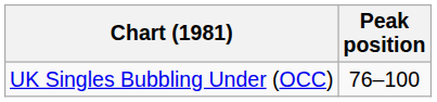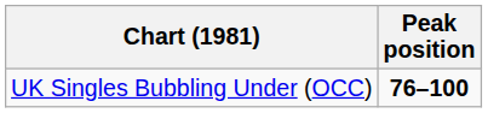 <table class="wikitable sortable" style=margin-right:1em;margin-bottom:0;>
 <tr>
 <th scope="col">Chart (1981)</th>
 <th scope="col">Peak<br>position</th>
 </tr>
 <tr>
 <td><a href='#'>UK Singles Bubbling Under</a> (<a href='#'>OCC</a>)</td>
-<td style="text-align:center;">76–100</td>
+<td style="text-align:center;"><strong>76–100</strong></td>
 </tr>
 </table>
